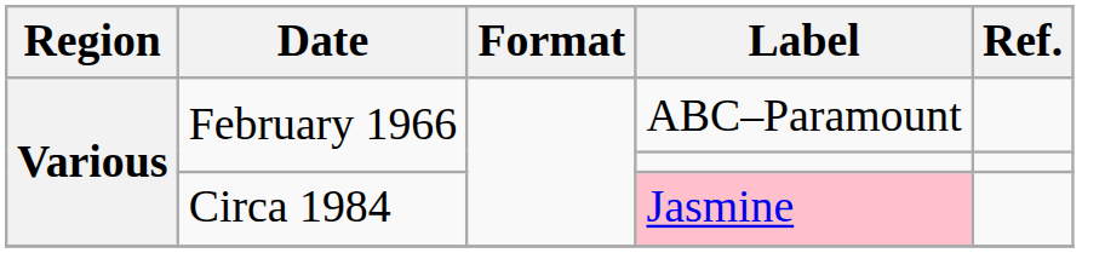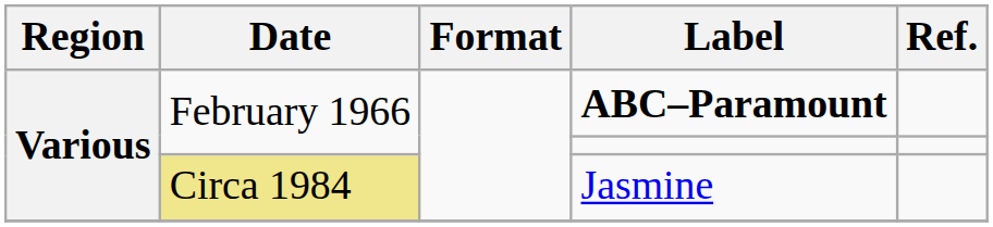 <table class="wikitable plainrowheaders">
 <tr>
 <th scope="col">Region</th>
 <th scope="col">Date</th>
 <th scope="col">Format</th>
 <th scope="col">Label</th>
 <th scope="col">Ref.</th>
 </tr>
 <tr>
 <th scope="row" rowspan="3">Various</th>
 <td rowspan="2">February 1966</td>
 <td rowspan="3"></td>
-<td>ABC–Paramount</td>
+<td><strong>ABC–Paramount</strong></td>
 <td></td>
 </tr>
 <tr>
 <td></td>
 <td></td>
 </tr>
 <tr>
-<td>Circa 1984</td>
-<td style="background: pink;"><a href='#'>Jasmine</a></td>
+<td style="background: khaki;">Circa 1984</td>
+<td><a href='#'>Jasmine</a></td>
 <td></td>
 </tr>
 <tr>
 </tr>
 </table>
